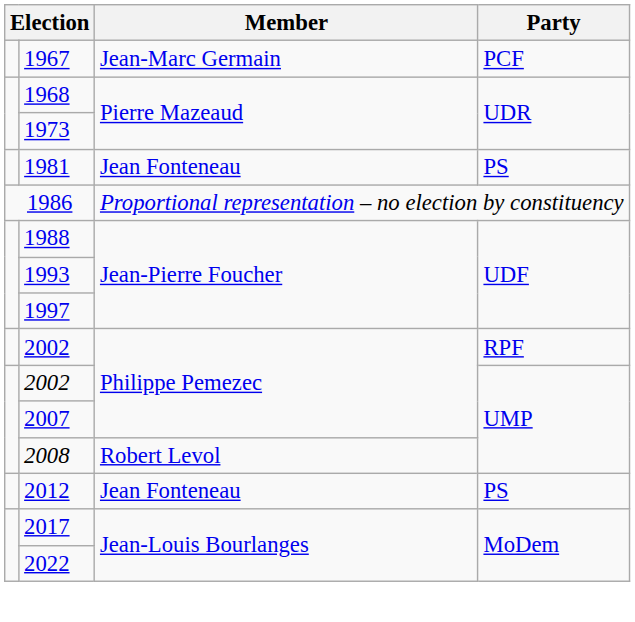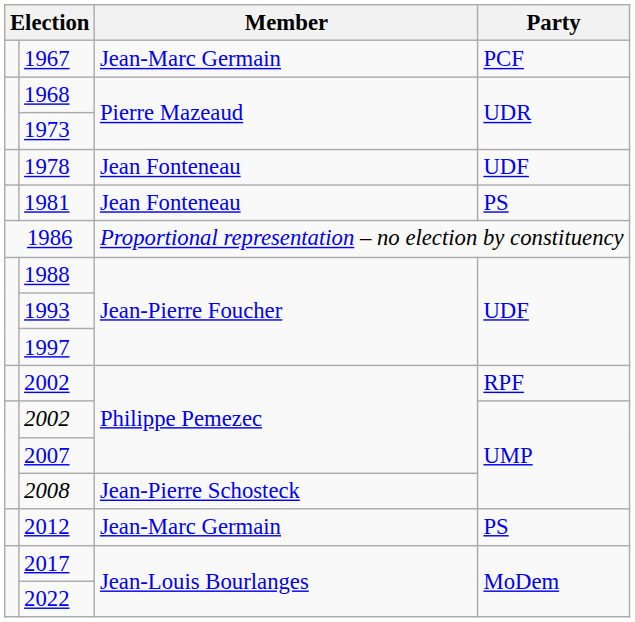 <table class="wikitable">
 <tr>
 <th colspan="2">Election</th>
 <th>Member</th>
 <th>Party</th>
 </tr>
 <tr>
 <td style="color:inherit;background-color: "></td>
 <td><a href='#'>1967</a></td>
 <td><a href='#'>Jean-Marc Germain</a></td>
 <td><a href='#'>PCF</a></td>
 </tr>
 <tr>
 <td rowspan="2" style="color:inherit;background-color: "></td>
 <td><a href='#'>1968</a></td>
 <td rowspan="2"><a href='#'>Pierre Mazeaud</a></td>
 <td rowspan="2"><a href='#'>UDR</a></td>
 </tr>
 <tr>
 <td><a href='#'>1973</a></td>
+</tr>
+<tr>
+<td style="color:inherit;background-color: "></td>
+<td><a href='#'>1978</a></td>
+<td><a href='#'>Jean Fonteneau</a></td>
+<td><a href='#'>UDF</a></td>
 </tr>
 <tr>
 <td style="color:inherit;background-color: "></td>
 <td><a href='#'>1981</a></td>
 <td><a href='#'>Jean Fonteneau</a></td>
 <td><a href='#'>PS</a></td>
 </tr>
 <tr>
 <td colspan="2" align="center"><a href='#'>1986</a></td>
 <td colspan="2"><em><a href='#'>Proportional representation</a> – no election by constituency</em></td>
 </tr>
 <tr>
 <td rowspan="3" style="color:inherit;background-color: "></td>
 <td><a href='#'>1988</a></td>
 <td rowspan="3"><a href='#'>Jean-Pierre Foucher</a></td>
 <td rowspan="3"><a href='#'>UDF</a></td>
 </tr>
 <tr>
 <td><a href='#'>1993</a></td>
 </tr>
 <tr>
 <td><a href='#'>1997</a></td>
 </tr>
 <tr>
 <td style="color:inherit;background-color: "></td>
 <td><a href='#'>2002</a></td>
 <td rowspan="3"><a href='#'>Philippe Pemezec</a></td>
 <td><a href='#'>RPF</a></td>
 </tr>
 <tr>
 <td rowspan="3" style="color:inherit;background-color: "></td>
 <td><em>2002</em></td>
 <td rowspan="3"><a href='#'>UMP</a></td>
 </tr>
 <tr>
 <td><a href='#'>2007</a></td>
 </tr>
 <tr>
 <td><em>2008</em></td>
-<td><a href='#'>Robert Levol</a></td>
+<td><a href='#'>Jean-Pierre Schosteck</a></td>
 </tr>
 <tr>
 <td style="color:inherit;background-color: "></td>
 <td><a href='#'>2012</a></td>
-<td><a href='#'>Jean Fonteneau</a></td>
+<td><a href='#'>Jean-Marc Germain</a></td>
 <td><a href='#'>PS</a></td>
 </tr>
 <tr>
 <td rowspan="2" style="color:inherit;background-color: "></td>
 <td><a href='#'>2017</a></td>
 <td rowspan="2"><a href='#'>Jean-Louis Bourlanges</a></td>
 <td rowspan="2"><a href='#'>MoDem</a></td>
 </tr>
 <tr>
 <td><a href='#'>2022</a></td>
 </tr>
 </table>
